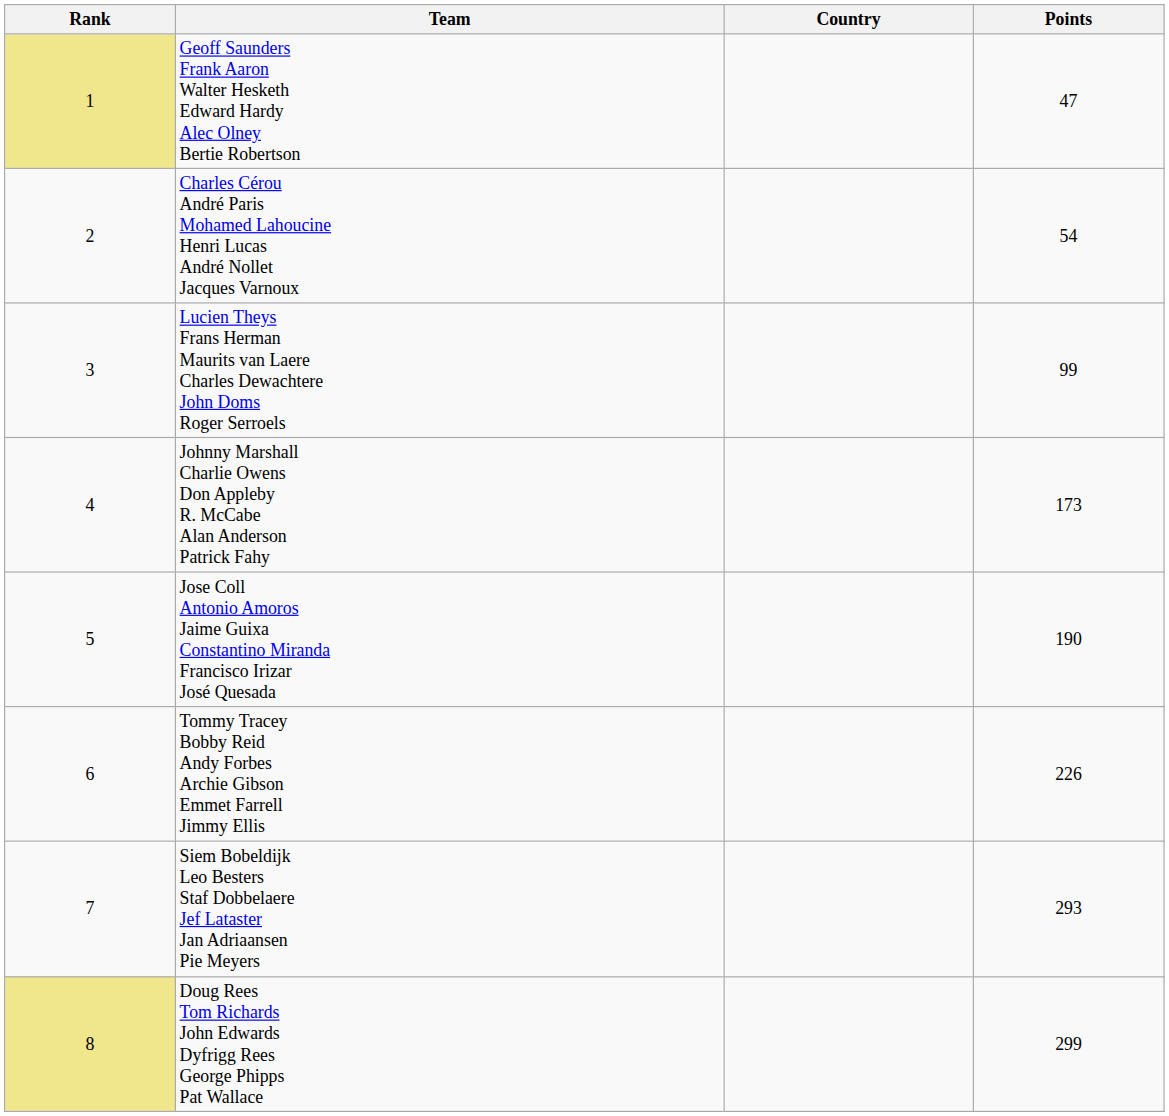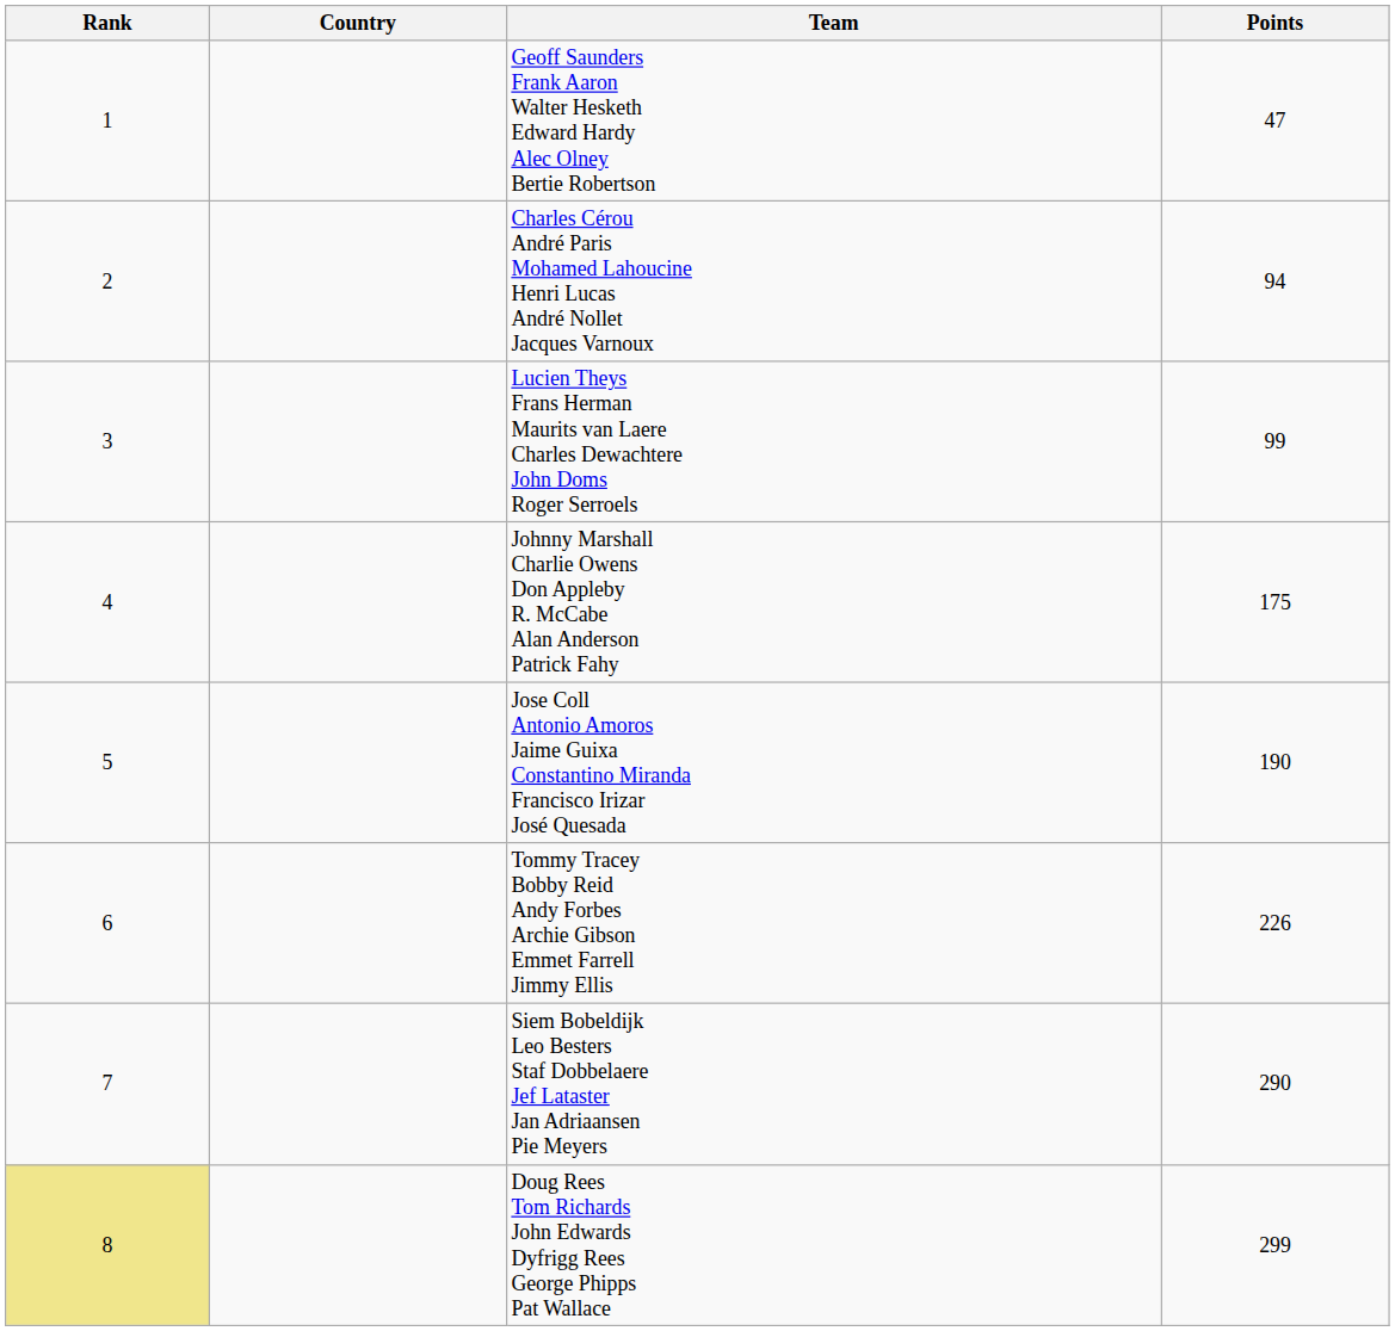 <table class="wikitable sortable" style=" text-align:center; font-size:95%;" width="50%">
 <tr>
 <th>Rank</th>
+<th>Country</th>
 <th>Team</th>
-<th>Country</th>
 <th>Points</th>
 </tr>
 <tr>
-<td align=center style="background: khaki;">1</td>
+<td align=center>1</td>
+<td align=left></td>
 <td align=left><a href='#'>Geoff Saunders</a><br><a href='#'>Frank Aaron</a><br>Walter Hesketh<br>Edward Hardy<br><a href='#'>Alec Olney</a><br>Bertie Robertson</td>
-<td align=left></td>
 <td>47</td>
 </tr>
 <tr>
 <td align=center>2</td>
+<td align=left></td>
 <td align=left><a href='#'>Charles Cérou</a><br>André Paris<br><a href='#'>Mohamed Lahoucine</a><br>Henri Lucas<br>André Nollet<br>Jacques Varnoux</td>
-<td align=left></td>
-<td>54</td>
+<td>94</td>
 </tr>
 <tr>
 <td align=center>3</td>
+<td align=left></td>
 <td align=left><a href='#'>Lucien Theys</a><br>Frans Herman<br>Maurits van Laere<br>Charles Dewachtere<br><a href='#'>John Doms</a><br>Roger Serroels</td>
-<td align=left></td>
 <td>99</td>
 </tr>
 <tr>
 <td align=center>4</td>
+<td align=left></td>
 <td align=left>Johnny Marshall<br>Charlie Owens<br>Don Appleby<br>R. McCabe<br>Alan Anderson<br>Patrick Fahy</td>
-<td align=left></td>
-<td>173</td>
+<td>175</td>
 </tr>
 <tr>
 <td align=center>5</td>
+<td align=left></td>
 <td align=left>Jose Coll<br><a href='#'>Antonio Amoros</a><br>Jaime Guixa<br><a href='#'>Constantino Miranda</a><br>Francisco Irizar<br>José Quesada</td>
-<td align=left></td>
 <td>190</td>
 </tr>
 <tr>
 <td align=center>6</td>
+<td align=left></td>
 <td align=left>Tommy Tracey<br>Bobby Reid<br>Andy Forbes<br>Archie Gibson<br>Emmet Farrell<br>Jimmy Ellis</td>
-<td align=left></td>
 <td>226</td>
 </tr>
 <tr>
 <td align=center>7</td>
+<td align=left></td>
 <td align=left>Siem Bobeldijk<br>Leo Besters<br>Staf Dobbelaere<br><a href='#'>Jef Lataster</a><br>Jan Adriaansen<br>Pie Meyers</td>
-<td align=left></td>
-<td>293</td>
+<td>290</td>
 </tr>
 <tr>
 <td align=center style="background: khaki;">8</td>
+<td align=left></td>
 <td align=left>Doug Rees<br><a href='#'>Tom Richards</a><br>John Edwards<br>Dyfrigg Rees<br>George Phipps<br>Pat Wallace</td>
-<td align=left></td>
 <td>299</td>
 </tr>
 </table>
